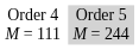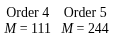 <table style="margin:auto">
 <tr valign="bottom">
 <td style="padding: 0 2em 1em"></td>
 <td style="padding: 0 2em 1em"></td>
 </tr>
 <tr>
 <td align="center">Order 4<br><em>M</em> = 111</td>
-<td align="center" style="background: lightgrey;">Order 5<br><em>M</em> = 244</td>
+<td align="center">Order 5<br><em>M</em> = 244</td>
 </tr>
 </table>
